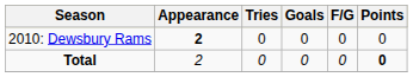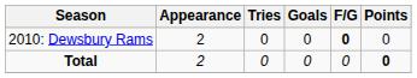 <table class="wikitable" style="text-align:center;">
 <tr bgcolor=#bdb76b>
 <th>Season</th>
 <th>Appearance</th>
 <th>Tries</th>
 <th>Goals</th>
 <th>F/G</th>
 <th>Points</th>
 </tr>
 <tr>
 <td>2010: <a href='#'>Dewsbury Rams</a></td>
-<td><strong>2</strong></td>
+<td>2</td>
 <td>0</td>
 <td>0</td>
-<td>0</td>
+<td><strong>0</strong></td>
 <td>0</td>
 </tr>
 <tr>
 <td><strong>Total</strong></td>
 <td><em>2</em></td>
 <td><em>0</em></td>
 <td><em>0</em></td>
 <td><em>0</em></td>
 <td><strong>0</strong></td>
 </tr>
 <tr>
 </tr>
 </table>
